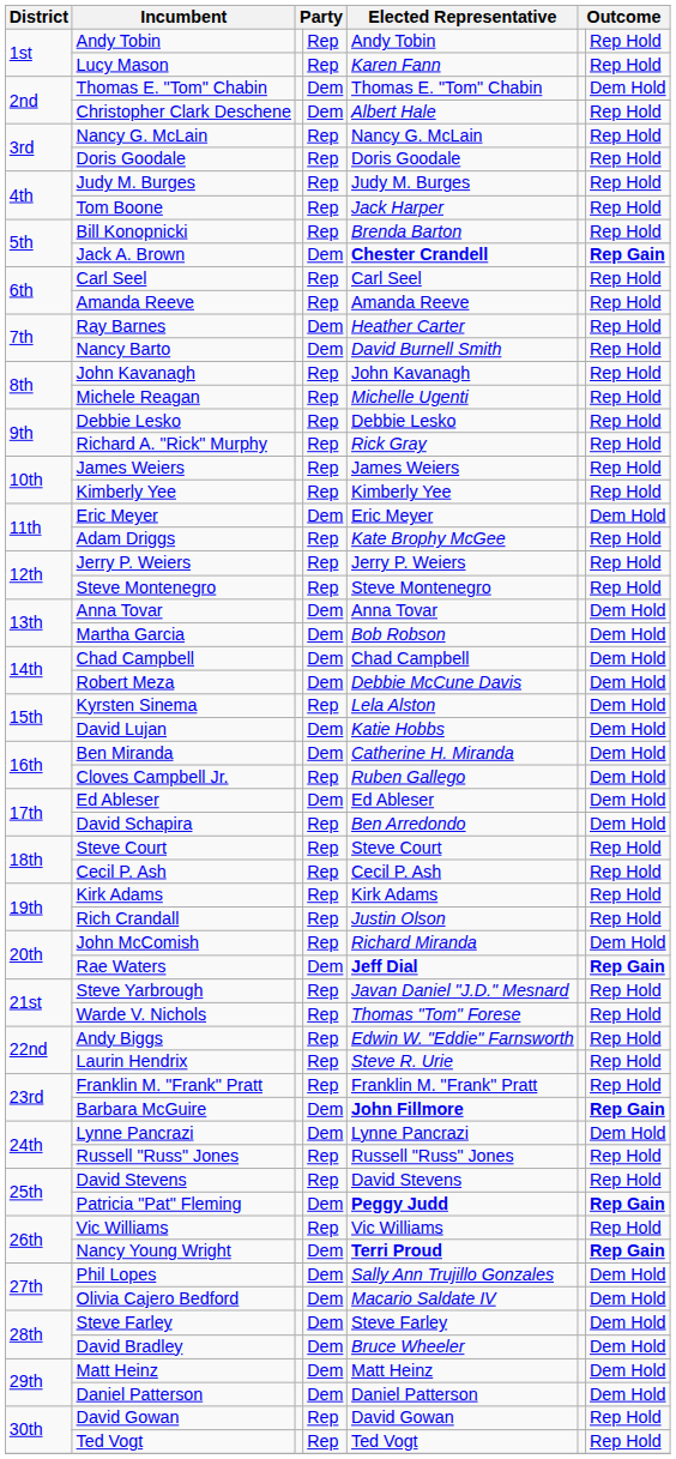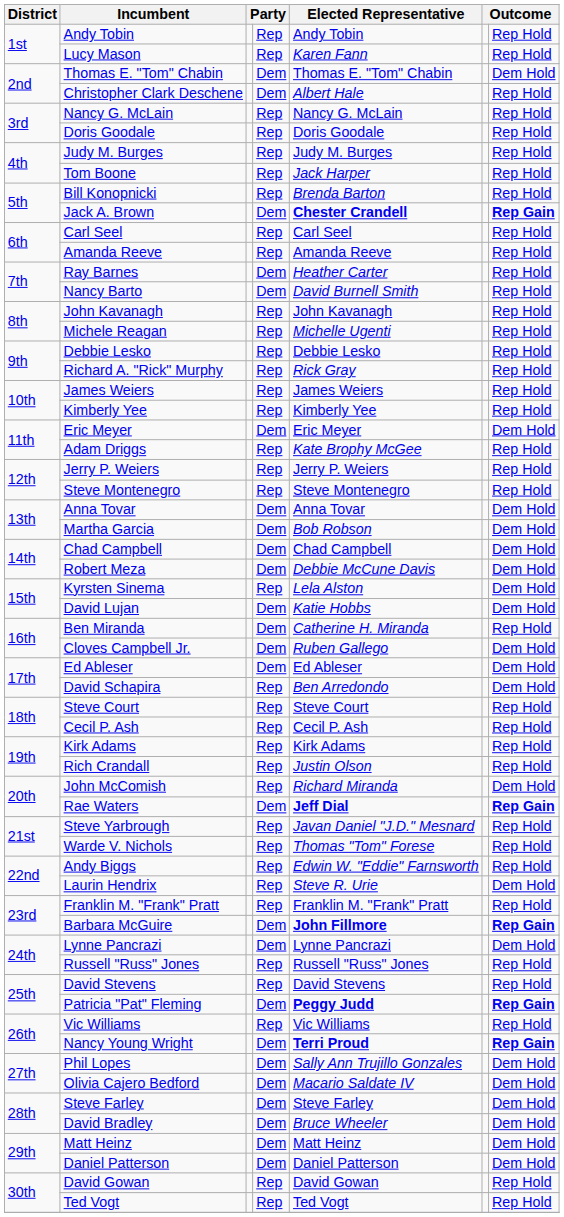 <table class="sortable wikitable" style="font-size:95%;line-height:14px;">
 <tr>
 <th>District</th>
 <th>Incumbent</th>
 <th colspan="2">Party</th>
 <th>Elected Representative</th>
 <th colspan="2">Outcome</th>
 </tr>
 <tr>
 <td rowspan="2"><a href='#'>1st</a></td>
 <td><a href='#'>Andy Tobin</a></td>
 <td style="background:"></td>
 <td><a href='#'>Rep</a></td>
 <td><a href='#'>Andy Tobin</a></td>
 <td style="background:"></td>
 <td><a href='#'>Rep Hold</a></td>
 </tr>
 <tr>
 <td><a href='#'>Lucy Mason</a></td>
 <td style="background:"></td>
 <td><a href='#'>Rep</a></td>
 <td><em><a href='#'>Karen Fann</a></em></td>
 <td style="background:"></td>
 <td><a href='#'>Rep Hold</a></td>
 </tr>
 <tr>
 <td rowspan="2"><a href='#'>2nd</a></td>
 <td><a href='#'>Thomas E. "Tom" Chabin</a></td>
 <td style="background:"></td>
 <td><a href='#'>Dem</a></td>
 <td><a href='#'>Thomas E. "Tom" Chabin</a></td>
 <td style="background:"></td>
 <td><a href='#'>Dem Hold</a></td>
 </tr>
 <tr>
 <td><a href='#'>Christopher Clark Deschene</a></td>
 <td style="background:"></td>
 <td><a href='#'>Dem</a></td>
 <td><em><a href='#'>Albert Hale</a></em></td>
 <td style="background:"></td>
 <td><a href='#'>Rep Hold</a></td>
 </tr>
 <tr>
 <td rowspan="2"><a href='#'>3rd</a></td>
 <td><a href='#'>Nancy G. McLain</a></td>
 <td style="background:"></td>
 <td><a href='#'>Rep</a></td>
 <td><a href='#'>Nancy G. McLain</a></td>
 <td style="background:"></td>
 <td><a href='#'>Rep Hold</a></td>
 </tr>
 <tr>
 <td><a href='#'>Doris Goodale</a></td>
 <td style="background:"></td>
 <td><a href='#'>Rep</a></td>
 <td><a href='#'>Doris Goodale</a></td>
 <td style="background:"></td>
 <td><a href='#'>Rep Hold</a></td>
 </tr>
 <tr>
 <td rowspan="2"><a href='#'>4th</a></td>
 <td><a href='#'>Judy M. Burges</a></td>
 <td style="background:"></td>
 <td><a href='#'>Rep</a></td>
 <td><a href='#'>Judy M. Burges</a></td>
 <td style="background:"></td>
 <td><a href='#'>Rep Hold</a></td>
 </tr>
 <tr>
 <td><a href='#'>Tom Boone</a></td>
 <td style="background:"></td>
 <td><a href='#'>Rep</a></td>
 <td><em><a href='#'>Jack Harper</a></em></td>
 <td style="background:"></td>
 <td><a href='#'>Rep Hold</a></td>
 </tr>
 <tr>
 <td rowspan="2"><a href='#'>5th</a></td>
 <td><a href='#'>Bill Konopnicki</a></td>
 <td style="background:"></td>
 <td><a href='#'>Rep</a></td>
 <td><em><a href='#'>Brenda Barton</a></em></td>
 <td style="background:"></td>
 <td><a href='#'>Rep Hold</a></td>
 </tr>
 <tr>
 <td><a href='#'>Jack A. Brown</a></td>
 <td style="background:"></td>
 <td><a href='#'>Dem</a></td>
 <td><strong><a href='#'>Chester Crandell</a></strong></td>
 <td style="background:"></td>
 <td><strong><a href='#'>Rep Gain</a></strong></td>
 </tr>
 <tr>
 <td rowspan="2"><a href='#'>6th</a></td>
 <td><a href='#'>Carl Seel</a></td>
 <td style="background:"></td>
 <td><a href='#'>Rep</a></td>
 <td><a href='#'>Carl Seel</a></td>
 <td style="background:"></td>
 <td><a href='#'>Rep Hold</a></td>
 </tr>
 <tr>
 <td><a href='#'>Amanda Reeve</a></td>
 <td style="background:"></td>
 <td><a href='#'>Rep</a></td>
 <td><a href='#'>Amanda Reeve</a></td>
 <td style="background:"></td>
 <td><a href='#'>Rep Hold</a></td>
 </tr>
 <tr>
 <td rowspan="2"><a href='#'>7th</a></td>
 <td><a href='#'>Ray Barnes</a></td>
 <td style="background:"></td>
 <td><a href='#'>Dem</a></td>
 <td><em><a href='#'>Heather Carter</a></em></td>
 <td style="background:"></td>
 <td><a href='#'>Rep Hold</a></td>
 </tr>
 <tr>
 <td><a href='#'>Nancy Barto</a></td>
 <td style="background:"></td>
 <td><a href='#'>Dem</a></td>
 <td><em><a href='#'>David Burnell Smith</a></em></td>
 <td style="background:"></td>
 <td><a href='#'>Rep Hold</a></td>
 </tr>
 <tr>
 <td rowspan="2"><a href='#'>8th</a></td>
 <td><a href='#'>John Kavanagh</a></td>
 <td style="background:"></td>
 <td><a href='#'>Rep</a></td>
 <td><a href='#'>John Kavanagh</a></td>
 <td style="background:"></td>
 <td><a href='#'>Rep Hold</a></td>
 </tr>
 <tr>
 <td><a href='#'>Michele Reagan</a></td>
 <td style="background:"></td>
 <td><a href='#'>Rep</a></td>
 <td><em><a href='#'>Michelle Ugenti</a></em></td>
 <td style="background:"></td>
 <td><a href='#'>Rep Hold</a></td>
 </tr>
 <tr>
 <td rowspan="2"><a href='#'>9th</a></td>
 <td><a href='#'>Debbie Lesko</a></td>
 <td style="background:"></td>
 <td><a href='#'>Rep</a></td>
 <td><a href='#'>Debbie Lesko</a></td>
 <td style="background:"></td>
 <td><a href='#'>Rep Hold</a></td>
 </tr>
 <tr>
 <td><a href='#'>Richard A. "Rick" Murphy</a></td>
 <td style="background:"></td>
 <td><a href='#'>Rep</a></td>
 <td><em><a href='#'>Rick Gray</a></em></td>
 <td style="background:"></td>
 <td><a href='#'>Rep Hold</a></td>
 </tr>
 <tr>
 <td rowspan="2"><a href='#'>10th</a></td>
 <td><a href='#'>James Weiers</a></td>
 <td style="background:"></td>
 <td><a href='#'>Rep</a></td>
 <td><a href='#'>James Weiers</a></td>
 <td style="background:"></td>
 <td><a href='#'>Rep Hold</a></td>
 </tr>
 <tr>
 <td><a href='#'>Kimberly Yee</a></td>
 <td style="background:"></td>
 <td><a href='#'>Rep</a></td>
 <td><a href='#'>Kimberly Yee</a></td>
 <td style="background:"></td>
 <td><a href='#'>Rep Hold</a></td>
 </tr>
 <tr>
 <td rowspan="2"><a href='#'>11th</a></td>
 <td><a href='#'>Eric Meyer</a></td>
 <td style="background:"></td>
 <td><a href='#'>Dem</a></td>
 <td><a href='#'>Eric Meyer</a></td>
 <td style="background:"></td>
 <td><a href='#'>Dem Hold</a></td>
 </tr>
 <tr>
 <td><a href='#'>Adam Driggs</a></td>
 <td style="background:"></td>
 <td><a href='#'>Rep</a></td>
 <td><em><a href='#'>Kate Brophy McGee</a></em></td>
 <td style="background:"></td>
 <td><a href='#'>Rep Hold</a></td>
 </tr>
 <tr>
 <td rowspan="2"><a href='#'>12th</a></td>
 <td><a href='#'>Jerry P. Weiers</a></td>
 <td style="background:"></td>
 <td><a href='#'>Rep</a></td>
 <td><a href='#'>Jerry P. Weiers</a></td>
 <td style="background:"></td>
 <td><a href='#'>Rep Hold</a></td>
 </tr>
 <tr>
 <td><a href='#'>Steve Montenegro</a></td>
 <td style="background:"></td>
 <td><a href='#'>Rep</a></td>
 <td><a href='#'>Steve Montenegro</a></td>
 <td style="background:"></td>
 <td><a href='#'>Rep Hold</a></td>
 </tr>
 <tr>
 <td rowspan="2"><a href='#'>13th</a></td>
 <td><a href='#'>Anna Tovar</a></td>
 <td style="background:"></td>
 <td><a href='#'>Dem</a></td>
 <td><a href='#'>Anna Tovar</a></td>
 <td style="background:"></td>
 <td><a href='#'>Dem Hold</a></td>
 </tr>
 <tr>
 <td><a href='#'>Martha Garcia</a></td>
 <td style="background:"></td>
 <td><a href='#'>Dem</a></td>
 <td><em><a href='#'>Bob Robson</a></em></td>
 <td style="background:"></td>
 <td><a href='#'>Dem Hold</a></td>
 </tr>
 <tr>
 <td rowspan="2"><a href='#'>14th</a></td>
 <td><a href='#'>Chad Campbell</a></td>
 <td style="background:"></td>
 <td><a href='#'>Dem</a></td>
 <td><a href='#'>Chad Campbell</a></td>
 <td style="background:"></td>
 <td><a href='#'>Dem Hold</a></td>
 </tr>
 <tr>
 <td><a href='#'>Robert Meza</a></td>
 <td style="background:"></td>
 <td><a href='#'>Dem</a></td>
 <td><em><a href='#'>Debbie McCune Davis</a></em></td>
 <td style="background:"></td>
 <td><a href='#'>Dem Hold</a></td>
 </tr>
 <tr>
 <td rowspan="2"><a href='#'>15th</a></td>
 <td><a href='#'>Kyrsten Sinema</a></td>
 <td style="background:"></td>
 <td><a href='#'>Rep</a></td>
 <td><em><a href='#'>Lela Alston</a></em></td>
 <td style="background:"></td>
 <td><a href='#'>Dem Hold</a></td>
 </tr>
 <tr>
 <td><a href='#'>David Lujan</a></td>
 <td style="background:"></td>
 <td><a href='#'>Dem</a></td>
 <td><em><a href='#'>Katie Hobbs</a></em></td>
 <td style="background:"></td>
 <td><a href='#'>Dem Hold</a></td>
 </tr>
 <tr>
 <td rowspan="2"><a href='#'>16th</a></td>
 <td><a href='#'>Ben Miranda</a></td>
 <td style="background:"></td>
 <td><a href='#'>Dem</a></td>
 <td><em><a href='#'>Catherine H. Miranda</a></em></td>
 <td style="background:"></td>
-<td><a href='#'>Dem Hold</a></td>
+<td><a href='#'>Rep Hold</a></td>
 </tr>
 <tr>
 <td><a href='#'>Cloves Campbell Jr.</a></td>
 <td style="background:"></td>
-<td><a href='#'>Rep</a></td>
+<td><a href='#'>Dem</a></td>
 <td><em><a href='#'>Ruben Gallego</a></em></td>
 <td style="background:"></td>
 <td><a href='#'>Dem Hold</a></td>
 </tr>
 <tr>
 <td rowspan="2"><a href='#'>17th</a></td>
 <td><a href='#'>Ed Ableser</a></td>
 <td style="background:"></td>
 <td><a href='#'>Dem</a></td>
 <td><a href='#'>Ed Ableser</a></td>
 <td style="background:"></td>
 <td><a href='#'>Dem Hold</a></td>
 </tr>
 <tr>
 <td><a href='#'>David Schapira</a></td>
 <td style="background:"></td>
 <td><a href='#'>Rep</a></td>
 <td><em><a href='#'>Ben Arredondo</a></em></td>
 <td style="background:"></td>
 <td><a href='#'>Dem Hold</a></td>
 </tr>
 <tr>
 <td rowspan="2"><a href='#'>18th</a></td>
 <td><a href='#'>Steve Court</a></td>
 <td style="background:"></td>
 <td><a href='#'>Rep</a></td>
 <td><a href='#'>Steve Court</a></td>
 <td style="background:"></td>
 <td><a href='#'>Rep Hold</a></td>
 </tr>
 <tr>
 <td><a href='#'>Cecil P. Ash</a></td>
 <td style="background:"></td>
 <td><a href='#'>Rep</a></td>
 <td><a href='#'>Cecil P. Ash</a></td>
 <td style="background:"></td>
 <td><a href='#'>Rep Hold</a></td>
 </tr>
 <tr>
 <td rowspan="2"><a href='#'>19th</a></td>
 <td><a href='#'>Kirk Adams</a></td>
 <td style="background:"></td>
 <td><a href='#'>Rep</a></td>
 <td><a href='#'>Kirk Adams</a></td>
 <td style="background:"></td>
 <td><a href='#'>Rep Hold</a></td>
 </tr>
 <tr>
 <td><a href='#'>Rich Crandall</a></td>
 <td style="background:"></td>
 <td><a href='#'>Rep</a></td>
 <td><em><a href='#'>Justin Olson</a></em></td>
 <td style="background:"></td>
 <td><a href='#'>Rep Hold</a></td>
 </tr>
 <tr>
 <td rowspan="2"><a href='#'>20th</a></td>
 <td><a href='#'>John McComish</a></td>
 <td style="background:"></td>
 <td><a href='#'>Rep</a></td>
 <td><em><a href='#'>Richard Miranda</a></em></td>
 <td style="background:"></td>
 <td><a href='#'>Dem Hold</a></td>
 </tr>
 <tr>
 <td><a href='#'>Rae Waters</a></td>
 <td style="background:"></td>
 <td><a href='#'>Dem</a></td>
 <td><strong><a href='#'>Jeff Dial</a></strong></td>
 <td style="background:"></td>
 <td><strong><a href='#'>Rep Gain</a></strong></td>
 </tr>
 <tr>
 <td rowspan="2"><a href='#'>21st</a></td>
 <td><a href='#'>Steve Yarbrough</a></td>
 <td style="background:"></td>
 <td><a href='#'>Rep</a></td>
 <td><em><a href='#'>Javan Daniel "J.D." Mesnard</a></em></td>
 <td style="background:"></td>
 <td><a href='#'>Rep Hold</a></td>
 </tr>
 <tr>
 <td><a href='#'>Warde V. Nichols</a></td>
 <td style="background:"></td>
 <td><a href='#'>Rep</a></td>
 <td><em><a href='#'>Thomas "Tom" Forese</a></em></td>
 <td style="background:"></td>
 <td><a href='#'>Rep Hold</a></td>
 </tr>
 <tr>
 <td rowspan="2"><a href='#'>22nd</a></td>
 <td><a href='#'>Andy Biggs</a></td>
 <td style="background:"></td>
 <td><a href='#'>Rep</a></td>
 <td><em><a href='#'>Edwin W. "Eddie" Farnsworth</a></em></td>
 <td style="background:"></td>
 <td><a href='#'>Rep Hold</a></td>
 </tr>
 <tr>
 <td><a href='#'>Laurin Hendrix</a></td>
 <td style="background:"></td>
 <td><a href='#'>Rep</a></td>
 <td><em><a href='#'>Steve R. Urie</a></em></td>
 <td style="background:"></td>
-<td><a href='#'>Rep Hold</a></td>
+<td><a href='#'>Dem Hold</a></td>
 </tr>
 <tr>
 <td rowspan="2"><a href='#'>23rd</a></td>
 <td><a href='#'>Franklin M. "Frank" Pratt</a></td>
 <td style="background:"></td>
 <td><a href='#'>Rep</a></td>
 <td><a href='#'>Franklin M. "Frank" Pratt</a></td>
 <td style="background:"></td>
 <td><a href='#'>Rep Hold</a></td>
 </tr>
 <tr>
 <td><a href='#'>Barbara McGuire</a></td>
 <td style="background:"></td>
 <td><a href='#'>Dem</a></td>
 <td><strong><a href='#'>John Fillmore</a></strong></td>
 <td style="background:"></td>
 <td><strong><a href='#'>Rep Gain</a></strong></td>
 </tr>
 <tr>
 <td rowspan="2"><a href='#'>24th</a></td>
 <td><a href='#'>Lynne Pancrazi</a></td>
 <td style="background:"></td>
 <td><a href='#'>Dem</a></td>
 <td><a href='#'>Lynne Pancrazi</a></td>
 <td style="background:"></td>
 <td><a href='#'>Dem Hold</a></td>
 </tr>
 <tr>
 <td><a href='#'>Russell "Russ" Jones</a></td>
 <td style="background:"></td>
 <td><a href='#'>Rep</a></td>
 <td><a href='#'>Russell "Russ" Jones</a></td>
 <td style="background:"></td>
 <td><a href='#'>Rep Hold</a></td>
 </tr>
 <tr>
 <td rowspan="2"><a href='#'>25th</a></td>
 <td><a href='#'>David Stevens</a></td>
 <td style="background:"></td>
 <td><a href='#'>Rep</a></td>
 <td><a href='#'>David Stevens</a></td>
 <td style="background:"></td>
 <td><a href='#'>Rep Hold</a></td>
 </tr>
 <tr>
 <td><a href='#'>Patricia "Pat" Fleming</a></td>
 <td style="background:"></td>
 <td><a href='#'>Dem</a></td>
 <td><strong><a href='#'>Peggy Judd</a></strong></td>
 <td style="background:"></td>
 <td><strong><a href='#'>Rep Gain</a></strong></td>
 </tr>
 <tr>
 <td rowspan="2"><a href='#'>26th</a></td>
 <td><a href='#'>Vic Williams</a></td>
 <td style="background:"></td>
 <td><a href='#'>Rep</a></td>
 <td><a href='#'>Vic Williams</a></td>
 <td style="background:"></td>
 <td><a href='#'>Rep Hold</a></td>
 </tr>
 <tr>
 <td><a href='#'>Nancy Young Wright</a></td>
 <td style="background:"></td>
 <td><a href='#'>Dem</a></td>
 <td><strong><a href='#'>Terri Proud</a></strong></td>
 <td style="background:"></td>
 <td><strong><a href='#'>Rep Gain</a></strong></td>
 </tr>
 <tr>
 <td rowspan="2"><a href='#'>27th</a></td>
 <td><a href='#'>Phil Lopes</a></td>
 <td style="background:"></td>
 <td><a href='#'>Dem</a></td>
 <td><em><a href='#'>Sally Ann Trujillo Gonzales</a></em></td>
 <td style="background:"></td>
 <td><a href='#'>Dem Hold</a></td>
 </tr>
 <tr>
 <td><a href='#'>Olivia Cajero Bedford</a></td>
 <td style="background:"></td>
 <td><a href='#'>Dem</a></td>
 <td><em><a href='#'>Macario Saldate IV</a></em></td>
 <td style="background:"></td>
 <td><a href='#'>Dem Hold</a></td>
 </tr>
 <tr>
 <td rowspan="2"><a href='#'>28th</a></td>
 <td><a href='#'>Steve Farley</a></td>
 <td style="background:"></td>
 <td><a href='#'>Dem</a></td>
 <td><a href='#'>Steve Farley</a></td>
 <td style="background:"></td>
 <td><a href='#'>Dem Hold</a></td>
 </tr>
 <tr>
 <td><a href='#'>David Bradley</a></td>
 <td style="background:"></td>
 <td><a href='#'>Dem</a></td>
 <td><em><a href='#'>Bruce Wheeler</a></em></td>
 <td style="background:"></td>
 <td><a href='#'>Dem Hold</a></td>
 </tr>
 <tr>
 <td rowspan="2"><a href='#'>29th</a></td>
 <td><a href='#'>Matt Heinz</a></td>
 <td style="background:"></td>
 <td><a href='#'>Dem</a></td>
 <td><a href='#'>Matt Heinz</a></td>
 <td style="background:"></td>
 <td><a href='#'>Dem Hold</a></td>
 </tr>
 <tr>
 <td><a href='#'>Daniel Patterson</a></td>
 <td style="background:"></td>
 <td><a href='#'>Dem</a></td>
 <td><a href='#'>Daniel Patterson</a></td>
 <td style="background:"></td>
 <td><a href='#'>Dem Hold</a></td>
 </tr>
 <tr>
 <td rowspan="2"><a href='#'>30th</a></td>
 <td><a href='#'>David Gowan</a></td>
 <td style="background:"></td>
 <td><a href='#'>Rep</a></td>
 <td><a href='#'>David Gowan</a></td>
 <td style="background:"></td>
 <td><a href='#'>Rep Hold</a></td>
 </tr>
 <tr>
 <td><a href='#'>Ted Vogt</a></td>
 <td style="background:"></td>
 <td><a href='#'>Rep</a></td>
 <td><a href='#'>Ted Vogt</a></td>
 <td style="background:"></td>
 <td><a href='#'>Rep Hold</a></td>
 </tr>
 <tr>
 </tr>
 </table>
